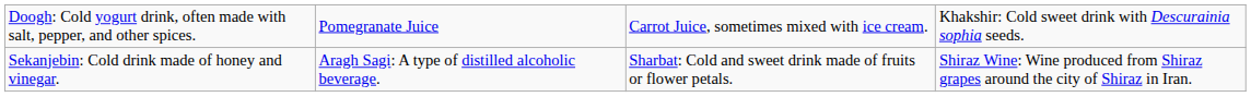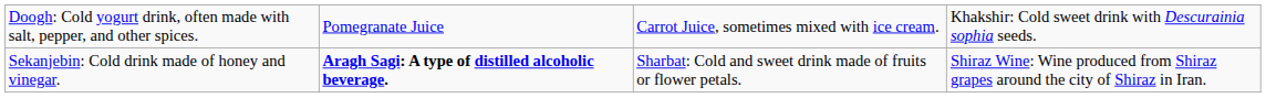 <table class="wikitable">
 <tr>
 <td style="width: 20%;"><a href='#'>Doogh</a>: Cold <a href='#'>yogurt</a> drink, often made with salt, pepper, and other spices.</td>
 <td style="width: 20%;"><a href='#'>Pomegranate Juice</a></td>
 <td style="width: 20%;"><a href='#'>Carrot Juice</a>, sometimes mixed with <a href='#'>ice cream</a>.</td>
 <td style="width: 20%;">Khakshir: Cold sweet drink with <em><a href='#'>Descurainia sophia</a></em> seeds.</td>
 </tr>
 <tr>
 <td><a href='#'>Sekanjebin</a>: Cold drink made of honey and <a href='#'>vinegar</a>.</td>
-<td><a href='#'>Aragh Sagi</a>: A type of <a href='#'>distilled alcoholic beverage</a>.</td>
+<td><strong><a href='#'>Aragh Sagi</a>: A type of <a href='#'>distilled alcoholic beverage</a>.</strong></td>
 <td><a href='#'>Sharbat</a>: Cold and sweet drink made of fruits or flower petals.</td>
 <td><a href='#'>Shiraz Wine</a>: Wine produced from <a href='#'>Shiraz grapes</a> around the city of <a href='#'>Shiraz</a> in Iran.</td>
 </tr>
 </table>
